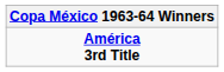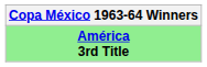 <table class="wikitable" style="text-align: center; margin: 0 auto;">
 <tr>
 <th><a href='#'>Copa México</a> 1963-64 Winners</th>
 </tr>
 <tr>
-<td><strong><a href='#'>América</a></strong><br><strong>3rd Title</strong></td>
+<td style="background: lightgreen;"><strong><a href='#'>América</a></strong><br><strong>3rd Title</strong></td>
 </tr>
 </table>
